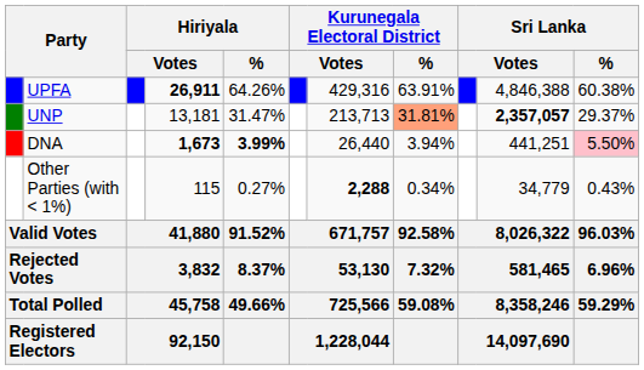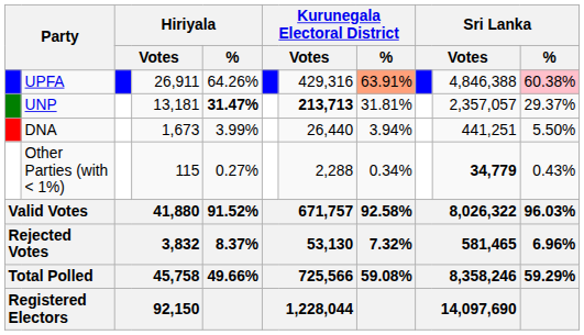 <table class="wikitable">
 <tr>
 <th colspan="2" width="144px"rowspan="2">Party</th>
 <th colspan="3" width="216px">Hiriyala</th>
 <th colspan="3" width="216px"><a href='#'>Kurunegala Electoral District</a></th>
 <th colspan="3" width="216px">Sri Lanka</th>
 </tr>
 <tr>
 <th colspan="2" width="144px">Votes</th>
 <th>%</th>
 <th colspan="2" width="144px">Votes</th>
 <th>%</th>
 <th colspan="2" width="144px">Votes</th>
 <th>%</th>
 </tr>
 <tr>
 <td style="background-color:blue;" width="10px"></td>
 <td style="text-align:left;"><a href='#'>UPFA</a></td>
 <td style="background-color:blue;" width="10px"></td>
-<td style="text-align:right;"><strong>26,911</strong></td>
+<td style="text-align:right;">26,911</td>
 <td style="text-align:right;">64.26%</td>
 <td style="background-color:blue;" width="10px"></td>
 <td style="text-align:right;">429,316</td>
-<td style="text-align:right;">63.91%</td>
+<td style="background: lightsalmon; text-align:right;">63.91%</td>
 <td style="background-color:blue;" width="10px"></td>
 <td style="text-align:right;">4,846,388</td>
-<td style="text-align:right;">60.38%</td>
+<td style="background: pink; text-align:right;">60.38%</td>
 </tr>
 <tr>
 <td style="background-color:green;" width="10px"></td>
 <td style="text-align:left;"><a href='#'>UNP</a></td>
 <td style="background-color:white;" width="10px"></td>
 <td style="text-align:right;">13,181</td>
-<td style="text-align:right;">31.47%</td>
+<td style="text-align:right;"><strong>31.47%</strong></td>
 <td style="background-color:white;" width="10px"></td>
-<td style="text-align:right;">213,713</td>
-<td style="background: lightsalmon; text-align:right;">31.81%</td>
+<td style="text-align:right;"><strong>213,713</strong></td>
+<td style="text-align:right;">31.81%</td>
 <td style="background-color:white;" width="10px"></td>
-<td style="text-align:right;"><strong>2,357,057</strong></td>
+<td style="text-align:right;">2,357,057</td>
 <td style="text-align:right;">29.37%</td>
 </tr>
 <tr>
 <td style="background-color:red;" width="10px"></td>
 <td style="text-align:left;">DNA</td>
 <td style="background-color:white;" width="10px"></td>
-<td style="text-align:right;"><strong>1,673</strong></td>
-<td style="text-align:right;"><strong>3.99%</strong></td>
+<td style="text-align:right;">1,673</td>
+<td style="text-align:right;">3.99%</td>
 <td style="background-color:white;" width="10px"></td>
 <td style="text-align:right;">26,440</td>
 <td style="text-align:right;">3.94%</td>
 <td style="background-color:white;" width="10px"></td>
 <td style="text-align:right;">441,251</td>
-<td style="background: pink; text-align:right;">5.50%</td>
+<td style="text-align:right;">5.50%</td>
 </tr>
 <tr>
 <td style="background-color:white;" width="10px"></td>
 <td style="text-align:left;">Other Parties (with < 1%)</td>
 <td style="background-color:white;" width="10px"></td>
 <td style="text-align:right;">115</td>
 <td style="text-align:right;">0.27%</td>
 <td style="background-color:white;" width="10px"></td>
-<td style="text-align:right;"><strong>2,288</strong></td>
+<td style="text-align:right;">2,288</td>
 <td style="text-align:right;">0.34%</td>
 <td style="background-color:white;" width="10px"></td>
-<td style="text-align:right;">34,779</td>
+<td style="text-align:right;"><strong>34,779</strong></td>
 <td style="text-align:right;">0.43%</td>
 </tr>
 <tr>
 <th colspan="2" width="144px"style="text-align:left;">Valid Votes</th>
 <th style="text-align:right;"colspan="2" width="144px">41,880</th>
 <th style="text-align:right;">91.52%</th>
 <th style="text-align:right;"colspan="2" width="144px">671,757</th>
 <th style="text-align:right;">92.58%</th>
 <th style="text-align:right;"colspan="2" width="144px">8,026,322</th>
 <th style="text-align:right;">96.03%</th>
 </tr>
 <tr>
 <th colspan="2" width="144px"style="text-align:left;">Rejected Votes</th>
 <th style="text-align:right;"colspan="2" width="144px">3,832</th>
 <th style="text-align:right;">8.37%</th>
 <th style="text-align:right;"colspan="2" width="144px">53,130</th>
 <th style="text-align:right;">7.32%</th>
 <th style="text-align:right;"colspan="2" width="144px">581,465</th>
 <th style="text-align:right;">6.96%</th>
 </tr>
 <tr>
 <th colspan="2" width="144px"style="text-align:left;">Total Polled</th>
 <th style="text-align:right;"colspan="2" width="144px">45,758</th>
 <th style="text-align:right;">49.66%</th>
 <th style="text-align:right;"colspan="2" width="144px">725,566</th>
 <th style="text-align:right;">59.08%</th>
 <th style="text-align:right;"colspan="2" width="144px">8,358,246</th>
 <th style="text-align:right;">59.29%</th>
 </tr>
 <tr>
 <th colspan="2" width="144px"style="text-align:left;">Registered Electors</th>
 <th style="text-align:right;"colspan="2" width="144px">92,150</th>
 <th></th>
 <th style="text-align:right;"colspan="2" width="144px">1,228,044</th>
 <th></th>
 <th style="text-align:right;"colspan="2" width="144px">14,097,690</th>
 <th></th>
 </tr>
 </table>
